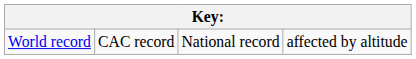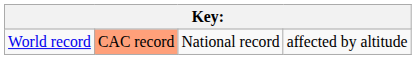 <table class="wikitable">
 <tr>
 <th colspan=4>Key:</th>
 </tr>
 <tr>
 <td><a href='#'>World record</a></td>
-<td>CAC record</td>
+<td style="background: lightsalmon;">CAC record</td>
 <td>National record</td>
 <td>affected by altitude</td>
 </tr>
 </table>
